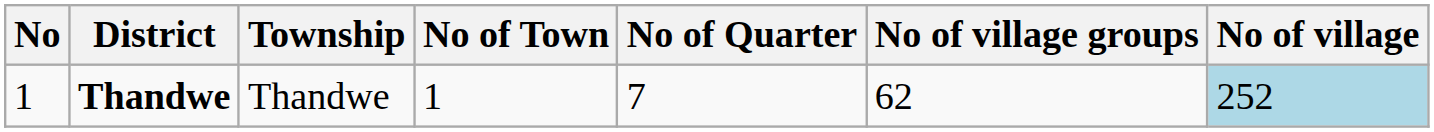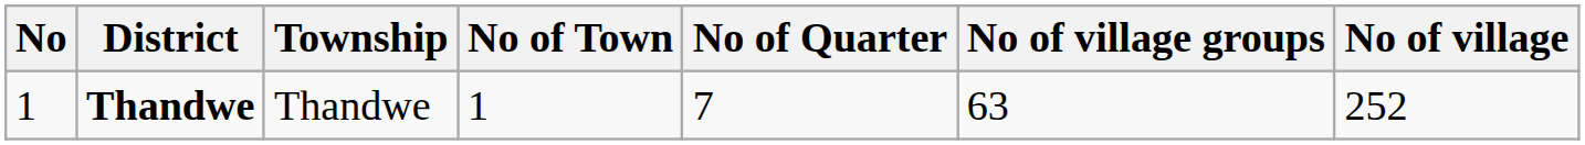 <table class="wikitable">
 <tr>
 <th>No</th>
 <th>District</th>
 <th>Township</th>
 <th>No of Town</th>
 <th>No of Quarter</th>
 <th>No of village groups</th>
 <th>No of village</th>
 </tr>
 <tr>
 <td>1</td>
 <td><strong>Thandwe</strong></td>
 <td>Thandwe</td>
 <td>1</td>
 <td>7</td>
-<td>62</td>
-<td style="background: lightblue;">252</td>
+<td>63</td>
+<td>252</td>
 </tr>
 </table>
